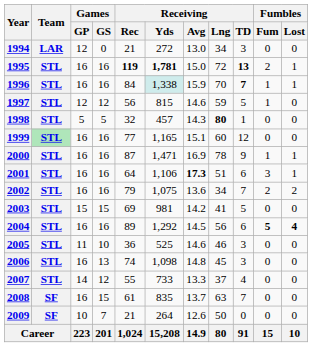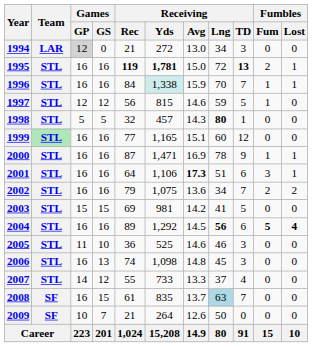 <table class=wikitable style="text-align:center;">
 <tr>
 <th rowspan="2">Year</th>
 <th rowspan="2">Team</th>
 <th colspan="2">Games</th>
 <th colspan="5">Receiving</th>
 <th colspan="2">Fumbles</th>
 </tr>
 <tr>
 <th>GP</th>
 <th>GS</th>
 <th>Rec</th>
 <th>Yds</th>
 <th>Avg</th>
 <th>Lng</th>
 <th>TD</th>
 <th>Fum</th>
 <th>Lost</th>
 </tr>
 <tr>
 <th><a href='#'>1994</a></th>
 <th><a href='#'>LAR</a></th>
-<td>12</td>
+<td style="background: lightgrey;">12</td>
 <td>0</td>
 <td>21</td>
 <td>272</td>
 <td>13.0</td>
 <td>34</td>
 <td>3</td>
 <td>0</td>
 <td>0</td>
 </tr>
 <tr>
 <th><a href='#'>1995</a></th>
 <th><a href='#'>STL</a></th>
 <td>16</td>
 <td>16</td>
 <td><strong>119</strong></td>
 <td><strong>1,781</strong></td>
 <td>15.0</td>
 <td>72</td>
 <td><strong>13</strong></td>
 <td>2</td>
 <td>1</td>
 </tr>
 <tr>
 <th><a href='#'>1996</a></th>
 <th><a href='#'>STL</a></th>
 <td>16</td>
 <td>16</td>
 <td>84</td>
 <td style="background:#cfecec; width:3em;">1,338</td>
 <td>15.9</td>
 <td>70</td>
-<td><strong>7</strong></td>
+<td>7</td>
 <td>1</td>
 <td>1</td>
 </tr>
 <tr>
 <th><a href='#'>1997</a></th>
 <th><a href='#'>STL</a></th>
 <td>12</td>
 <td>12</td>
 <td>56</td>
 <td>815</td>
 <td>14.6</td>
 <td>59</td>
 <td>5</td>
 <td>1</td>
 <td>0</td>
 </tr>
 <tr>
 <th><a href='#'>1998</a></th>
 <th><a href='#'>STL</a></th>
 <td>5</td>
 <td>5</td>
 <td>32</td>
 <td>457</td>
 <td>14.3</td>
 <td><strong>80</strong></td>
 <td>1</td>
 <td>0</td>
 <td>0</td>
 </tr>
 <tr>
 <th><a href='#'>1999</a></th>
 <th style="background:#afe6ba; width:3em;"><a href='#'>STL</a></th>
 <td>16</td>
 <td>16</td>
 <td>77</td>
 <td>1,165</td>
 <td>15.1</td>
 <td>60</td>
 <td>12</td>
 <td>0</td>
 <td>0</td>
 </tr>
 <tr>
 <th><a href='#'>2000</a></th>
 <th><a href='#'>STL</a></th>
 <td>16</td>
 <td>16</td>
 <td>87</td>
 <td>1,471</td>
 <td>16.9</td>
 <td>78</td>
 <td>9</td>
 <td>1</td>
 <td>1</td>
 </tr>
 <tr>
 <th><a href='#'>2001</a></th>
 <th><a href='#'>STL</a></th>
 <td>16</td>
 <td>16</td>
 <td>64</td>
 <td>1,106</td>
 <td><strong>17.3</strong></td>
 <td>51</td>
 <td>6</td>
 <td>3</td>
 <td>1</td>
 </tr>
 <tr>
 <th><a href='#'>2002</a></th>
 <th><a href='#'>STL</a></th>
 <td>16</td>
 <td>16</td>
 <td>79</td>
 <td>1,075</td>
 <td>13.6</td>
 <td>34</td>
 <td>7</td>
 <td>2</td>
 <td>2</td>
 </tr>
 <tr>
 <th><a href='#'>2003</a></th>
 <th><a href='#'>STL</a></th>
 <td>15</td>
 <td>15</td>
 <td>69</td>
 <td>981</td>
 <td>14.2</td>
 <td>41</td>
 <td>5</td>
 <td>0</td>
 <td>0</td>
 </tr>
 <tr>
 <th><a href='#'>2004</a></th>
 <th><a href='#'>STL</a></th>
 <td>16</td>
 <td>16</td>
 <td>89</td>
 <td>1,292</td>
 <td>14.5</td>
-<td>56</td>
+<td><strong>56</strong></td>
 <td>6</td>
 <td><strong>5</strong></td>
 <td><strong>4</strong></td>
 </tr>
 <tr>
 <th><a href='#'>2005</a></th>
 <th><a href='#'>STL</a></th>
 <td>11</td>
 <td>10</td>
 <td>36</td>
 <td>525</td>
 <td>14.6</td>
 <td>46</td>
 <td>3</td>
 <td>0</td>
 <td>0</td>
 </tr>
 <tr>
 <th><a href='#'>2006</a></th>
 <th><a href='#'>STL</a></th>
 <td>16</td>
 <td>13</td>
 <td>74</td>
 <td>1,098</td>
 <td>14.8</td>
 <td>45</td>
 <td>3</td>
 <td>0</td>
 <td>0</td>
 </tr>
 <tr>
 <th><a href='#'>2007</a></th>
 <th><a href='#'>STL</a></th>
 <td>14</td>
 <td>12</td>
 <td>55</td>
 <td>733</td>
 <td>13.3</td>
 <td>37</td>
 <td>4</td>
 <td>0</td>
 <td>0</td>
 </tr>
 <tr>
 <th><a href='#'>2008</a></th>
 <th><a href='#'>SF</a></th>
 <td>16</td>
 <td>15</td>
 <td>61</td>
 <td>835</td>
 <td>13.7</td>
-<td>63</td>
+<td style="background: lightblue;">63</td>
 <td>7</td>
 <td>0</td>
 <td>0</td>
 </tr>
 <tr>
 <th><a href='#'>2009</a></th>
 <th><a href='#'>SF</a></th>
 <td>10</td>
 <td>7</td>
 <td>21</td>
 <td>264</td>
 <td>12.6</td>
 <td>50</td>
 <td>0</td>
 <td>0</td>
 <td>0</td>
 </tr>
 <tr>
 <th colspan="2">Career</th>
 <th>223</th>
 <th>201</th>
 <th>1,024</th>
 <th>15,208</th>
 <th>14.9</th>
 <th>80</th>
 <th>91</th>
 <th>15</th>
 <th>10</th>
 </tr>
 </table>
